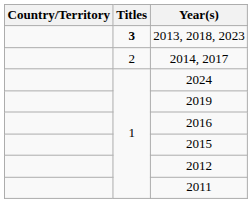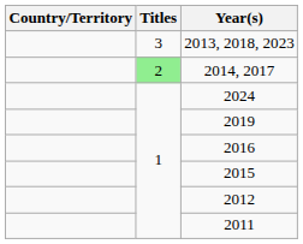 <table class="wikitable" style="font-size: 85%;">
 <tr>
 <th>Country/Territory</th>
 <th>Titles</th>
 <th>Year(s)</th>
 </tr>
 <tr>
 <td></td>
-<td style="text-align:center;"><strong>3</strong></td>
+<td style="text-align:center;">3</td>
 <td style="text-align:center;">2013, 2018, 2023</td>
 </tr>
 <tr>
 <td></td>
-<td style="text-align:center;">2</td>
+<td style="background: lightgreen; text-align:center;">2</td>
 <td style="text-align:center;">2014, 2017</td>
 </tr>
 <tr>
 <td></td>
 <td rowspan="6" style="text-align:center;">1</td>
 <td style="text-align:center;">2024</td>
 </tr>
 <tr>
 <td></td>
 <td style="text-align:center;">2019</td>
 </tr>
 <tr>
 <td></td>
 <td style="text-align:center;">2016</td>
 </tr>
 <tr>
 <td></td>
 <td style="text-align:center;">2015</td>
 </tr>
 <tr>
 <td></td>
 <td style="text-align:center;">2012</td>
 </tr>
 <tr>
 <td></td>
 <td style="text-align:center;">2011</td>
 </tr>
 </table>
